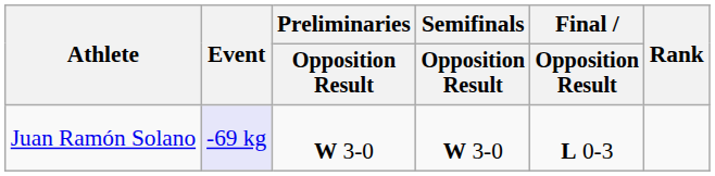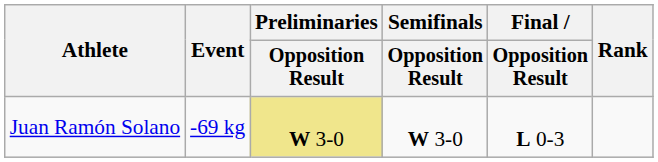 <table class="wikitable" style="font-size:90%;">
 <tr>
 <th rowspan=2>Athlete</th>
 <th rowspan=2>Event</th>
 <th>Preliminaries</th>
 <th>Semifinals</th>
 <th>Final / </th>
 <th rowspan=2>Rank</th>
 </tr>
 <tr style="font-size:95%">
 <th>Opposition<br>Result</th>
 <th>Opposition<br>Result</th>
 <th>Opposition<br>Result</th>
 </tr>
 <tr align=center>
 <td align=left><a href='#'>Juan Ramón Solano</a></td>
-<td align=left style="background: lavender;"><a href='#'>-69 kg</a></td>
-<td><br> <strong>W</strong> 3-0</td>
+<td align=left><a href='#'>-69 kg</a></td>
+<td style="background: khaki;"><br> <strong>W</strong> 3-0</td>
 <td><br> <strong>W</strong> 3-0</td>
 <td><br> <strong>L</strong> 0-3</td>
 <td></td>
 </tr>
 </table>
